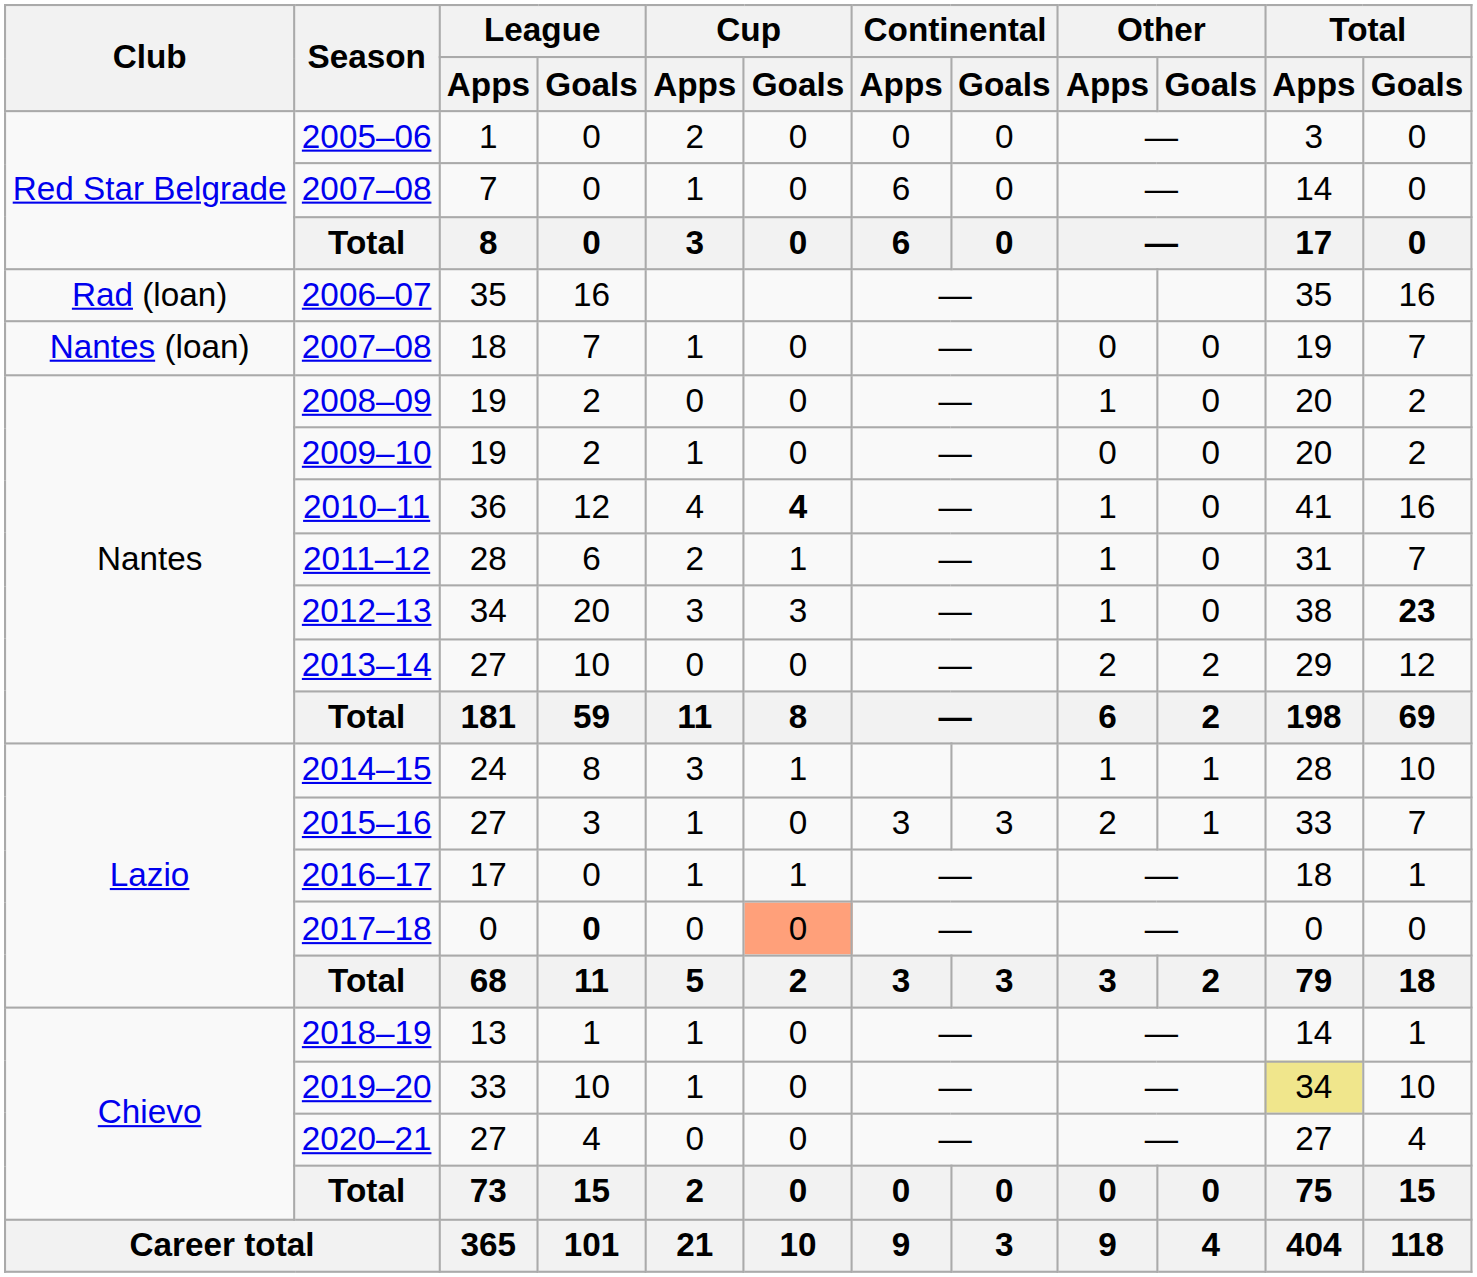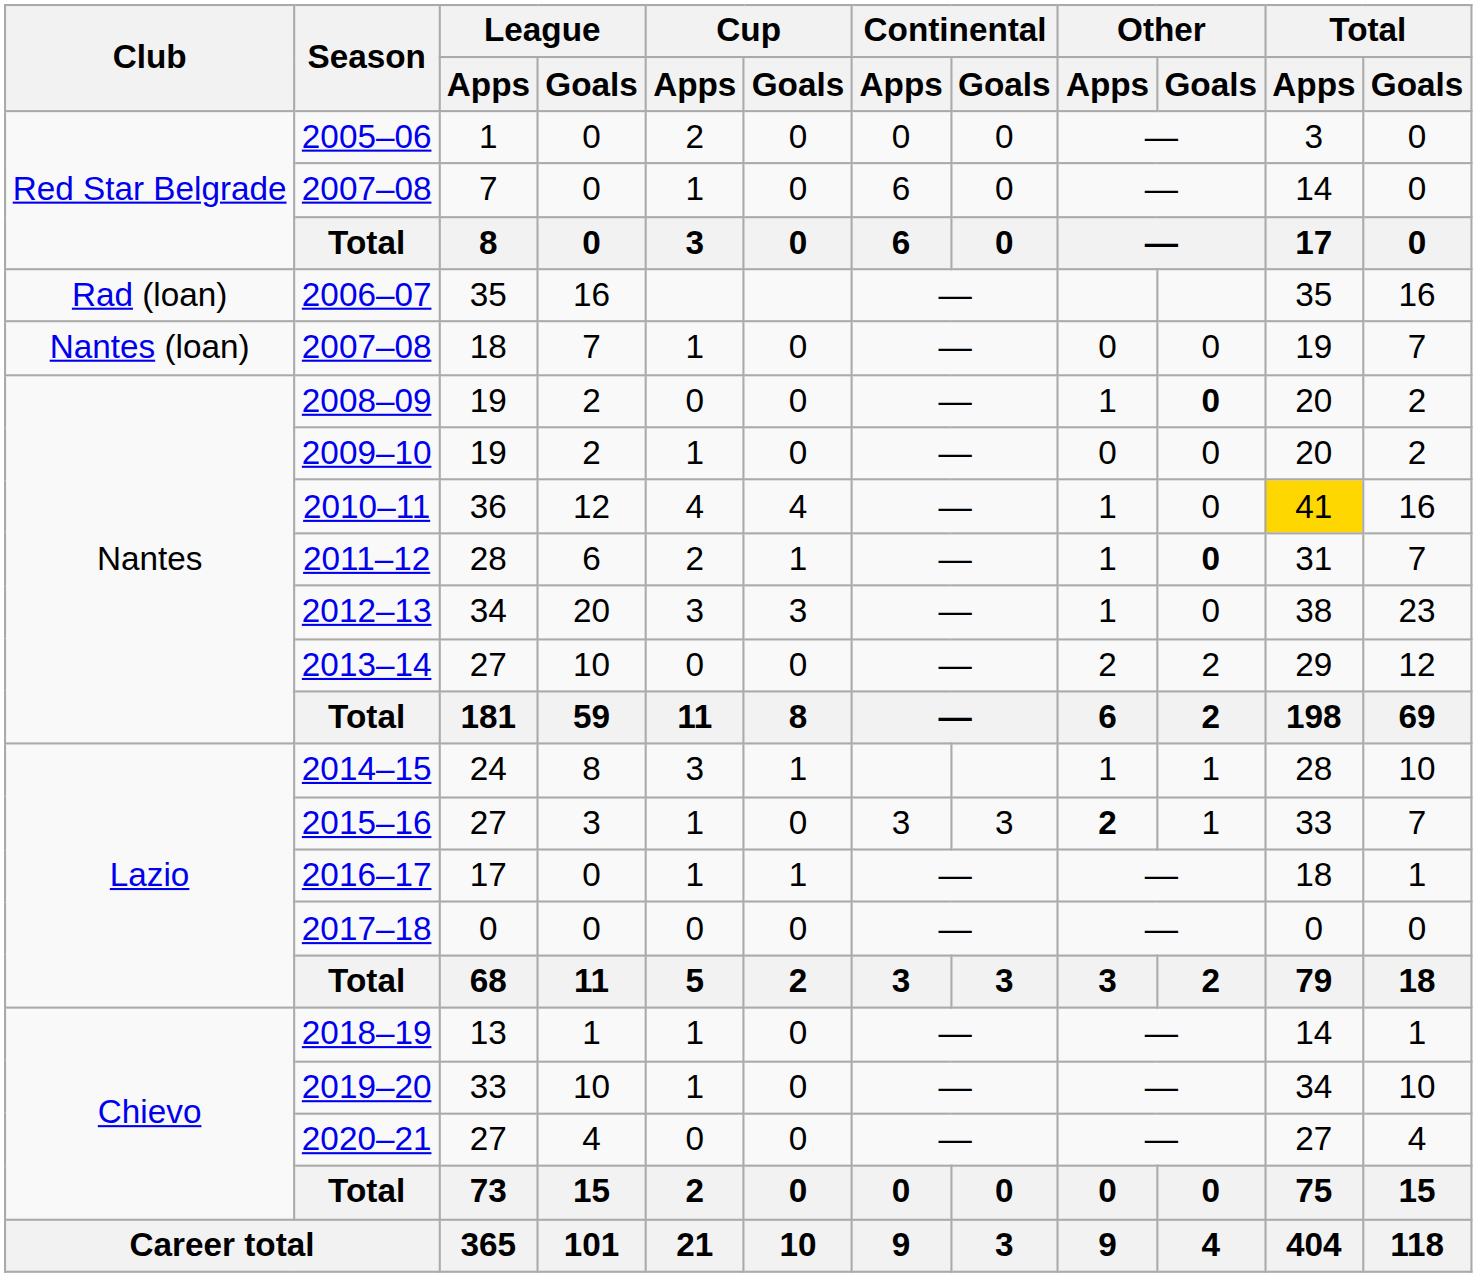 <table class="wikitable" style="text-align:center">
 <tr>
 <th rowspan="2">Club</th>
 <th rowspan="2">Season</th>
 <th colspan="2">League</th>
 <th colspan="2">Cup</th>
 <th colspan="2">Continental</th>
 <th colspan="2">Other</th>
 <th colspan="2">Total</th>
 </tr>
 <tr>
 <th>Apps</th>
 <th>Goals</th>
 <th>Apps</th>
 <th>Goals</th>
 <th>Apps</th>
 <th>Goals</th>
 <th>Apps</th>
 <th>Goals</th>
 <th>Apps</th>
 <th>Goals</th>
 </tr>
 <tr>
 <td rowspan="3"><a href='#'>Red Star Belgrade</a></td>
 <td><a href='#'>2005–06</a></td>
 <td>1</td>
 <td>0</td>
 <td>2</td>
 <td>0</td>
 <td>0</td>
 <td>0</td>
 <td colspan="2">—</td>
 <td>3</td>
 <td>0</td>
 </tr>
 <tr>
 <td><a href='#'>2007–08</a></td>
 <td>7</td>
 <td>0</td>
 <td>1</td>
 <td>0</td>
 <td>6</td>
 <td>0</td>
 <td colspan="2">—</td>
 <td>14</td>
 <td>0</td>
 </tr>
 <tr>
 <th>Total</th>
 <th>8</th>
 <th>0</th>
 <th>3</th>
 <th>0</th>
 <th>6</th>
 <th>0</th>
 <th colspan="2">—</th>
 <th>17</th>
 <th>0</th>
 </tr>
 <tr>
 <td><a href='#'>Rad</a> (loan)</td>
 <td><a href='#'>2006–07</a></td>
 <td>35</td>
 <td>16</td>
 <td></td>
 <td></td>
 <td colspan="2">—</td>
 <td></td>
 <td></td>
 <td>35</td>
 <td>16</td>
 </tr>
 <tr>
 <td><a href='#'>Nantes</a> (loan)</td>
 <td><a href='#'>2007–08</a></td>
 <td>18</td>
 <td>7</td>
 <td>1</td>
 <td>0</td>
 <td colspan="2">—</td>
 <td>0</td>
 <td>0</td>
 <td>19</td>
 <td>7</td>
 </tr>
 <tr>
 <td rowspan="7">Nantes</td>
 <td><a href='#'>2008–09</a></td>
 <td>19</td>
 <td>2</td>
 <td>0</td>
 <td>0</td>
 <td colspan="2">—</td>
 <td>1</td>
-<td>0</td>
+<td><strong>0</strong></td>
 <td>20</td>
 <td>2</td>
 </tr>
 <tr>
 <td><a href='#'>2009–10</a></td>
 <td>19</td>
 <td>2</td>
 <td>1</td>
 <td>0</td>
 <td colspan="2">—</td>
 <td>0</td>
 <td>0</td>
 <td>20</td>
 <td>2</td>
 </tr>
 <tr>
 <td><a href='#'>2010–11</a></td>
 <td>36</td>
 <td>12</td>
 <td>4</td>
-<td><strong>4</strong></td>
+<td>4</td>
 <td colspan="2">—</td>
 <td>1</td>
 <td>0</td>
-<td>41</td>
+<td style="background: gold;">41</td>
 <td>16</td>
 </tr>
 <tr>
 <td><a href='#'>2011–12</a></td>
 <td>28</td>
 <td>6</td>
 <td>2</td>
 <td>1</td>
 <td colspan="2">—</td>
 <td>1</td>
-<td>0</td>
+<td><strong>0</strong></td>
 <td>31</td>
 <td>7</td>
 </tr>
 <tr>
 <td><a href='#'>2012–13</a></td>
 <td>34</td>
 <td>20</td>
 <td>3</td>
 <td>3</td>
 <td colspan="2">—</td>
 <td>1</td>
 <td>0</td>
 <td>38</td>
-<td><strong>23</strong></td>
+<td>23</td>
 </tr>
 <tr>
 <td><a href='#'>2013–14</a></td>
 <td>27</td>
 <td>10</td>
 <td>0</td>
 <td>0</td>
 <td colspan="2">—</td>
 <td>2</td>
 <td>2</td>
 <td>29</td>
 <td>12</td>
 </tr>
 <tr>
 <th>Total</th>
 <th>181</th>
 <th>59</th>
 <th>11</th>
 <th>8</th>
 <th colspan="2">—</th>
 <th>6</th>
 <th>2</th>
 <th>198</th>
 <th>69</th>
 </tr>
 <tr>
 <td rowspan="5"><a href='#'>Lazio</a></td>
 <td><a href='#'>2014–15</a></td>
 <td>24</td>
 <td>8</td>
 <td>3</td>
 <td>1</td>
 <td></td>
 <td></td>
 <td>1</td>
 <td>1</td>
 <td>28</td>
 <td>10</td>
 </tr>
 <tr>
 <td><a href='#'>2015–16</a></td>
 <td>27</td>
 <td>3</td>
 <td>1</td>
 <td>0</td>
 <td>3</td>
 <td>3</td>
-<td>2</td>
+<td><strong>2</strong></td>
 <td>1</td>
 <td>33</td>
 <td>7</td>
 </tr>
 <tr>
 <td><a href='#'>2016–17</a></td>
 <td>17</td>
 <td>0</td>
 <td>1</td>
 <td>1</td>
 <td colspan="2">—</td>
 <td colspan="2">—</td>
 <td>18</td>
 <td>1</td>
 </tr>
 <tr>
 <td><a href='#'>2017–18</a></td>
 <td>0</td>
-<td><strong>0</strong></td>
 <td>0</td>
-<td style="background: lightsalmon;">0</td>
+<td>0</td>
+<td>0</td>
 <td colspan="2">—</td>
 <td colspan="2">—</td>
 <td>0</td>
 <td>0</td>
 </tr>
 <tr>
 <th>Total</th>
 <th>68</th>
 <th>11</th>
 <th>5</th>
 <th>2</th>
 <th>3</th>
 <th>3</th>
 <th>3</th>
 <th>2</th>
 <th>79</th>
 <th>18</th>
 </tr>
 <tr>
 <td rowspan="4"><a href='#'>Chievo</a></td>
 <td><a href='#'>2018–19</a></td>
 <td>13</td>
 <td>1</td>
 <td>1</td>
 <td>0</td>
 <td colspan="2">—</td>
 <td colspan="2">—</td>
 <td>14</td>
 <td>1</td>
 </tr>
 <tr>
 <td><a href='#'>2019–20</a></td>
 <td>33</td>
 <td>10</td>
 <td>1</td>
 <td>0</td>
 <td colspan="2">—</td>
 <td colspan="2">—</td>
-<td style="background: khaki;">34</td>
+<td>34</td>
 <td>10</td>
 </tr>
 <tr>
 <td><a href='#'>2020–21</a></td>
 <td>27</td>
 <td>4</td>
 <td>0</td>
 <td>0</td>
 <td colspan="2">—</td>
 <td colspan="2">—</td>
 <td>27</td>
 <td>4</td>
 </tr>
 <tr>
 <th colspan="1">Total</th>
 <th>73</th>
 <th>15</th>
 <th>2</th>
 <th>0</th>
 <th>0</th>
 <th>0</th>
 <th>0</th>
 <th>0</th>
 <th>75</th>
 <th>15</th>
 </tr>
 <tr>
 <th colspan="2">Career total</th>
 <th>365</th>
 <th>101</th>
 <th>21</th>
 <th>10</th>
 <th>9</th>
 <th>3</th>
 <th>9</th>
 <th>4</th>
 <th>404</th>
 <th>118</th>
 </tr>
 </table>
